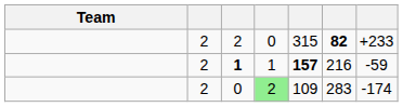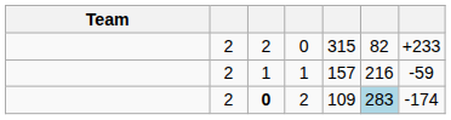 <table class="wikitable" style="text-align: center; font-size: 90%;">
 <tr>
 <th width=165>Team</th>
 <th width=25></th>
 <th width=25></th>
 <th width=25></th>
 <th width=25></th>
 <th width=25></th>
 <th width=25></th>
 </tr>
 <tr>
 <td style="text-align:left;"></td>
 <td>2</td>
 <td>2</td>
 <td>0</td>
 <td>315</td>
-<td><strong>82</strong></td>
+<td>82</td>
 <td>+233</td>
 </tr>
 <tr>
 <td style="text-align:left;"></td>
 <td>2</td>
-<td><strong>1</strong></td>
 <td>1</td>
-<td><strong>157</strong></td>
+<td>1</td>
+<td>157</td>
 <td>216</td>
 <td>-59</td>
 </tr>
 <tr>
 <td style="text-align:left;"></td>
 <td>2</td>
-<td>0</td>
-<td style="background: lightgreen;">2</td>
+<td><strong>0</strong></td>
+<td>2</td>
 <td>109</td>
-<td>283</td>
+<td style="background: lightblue;">283</td>
 <td>-174</td>
 </tr>
 </table>
